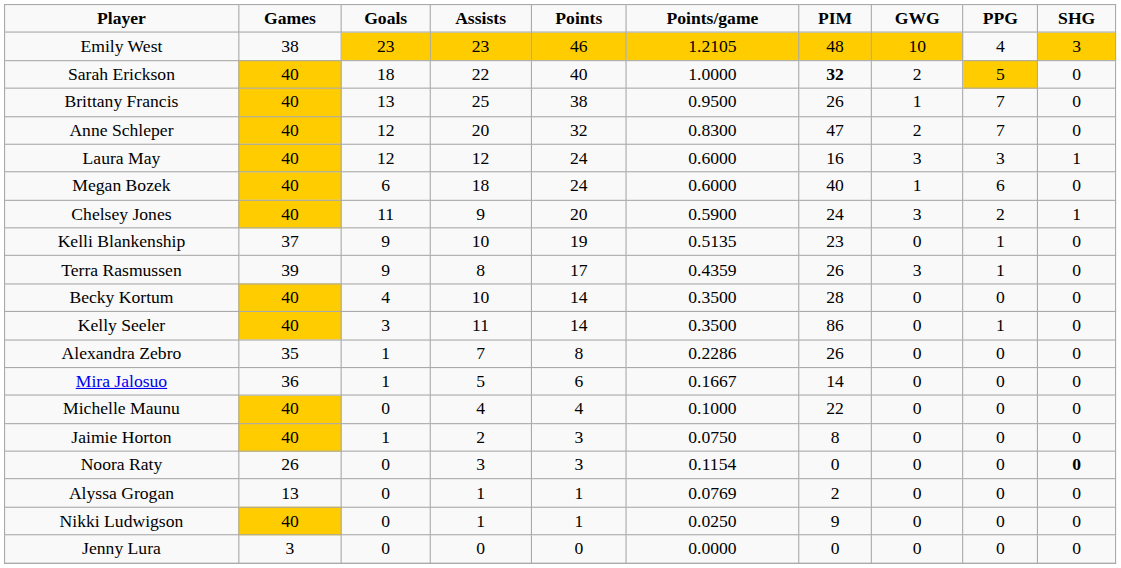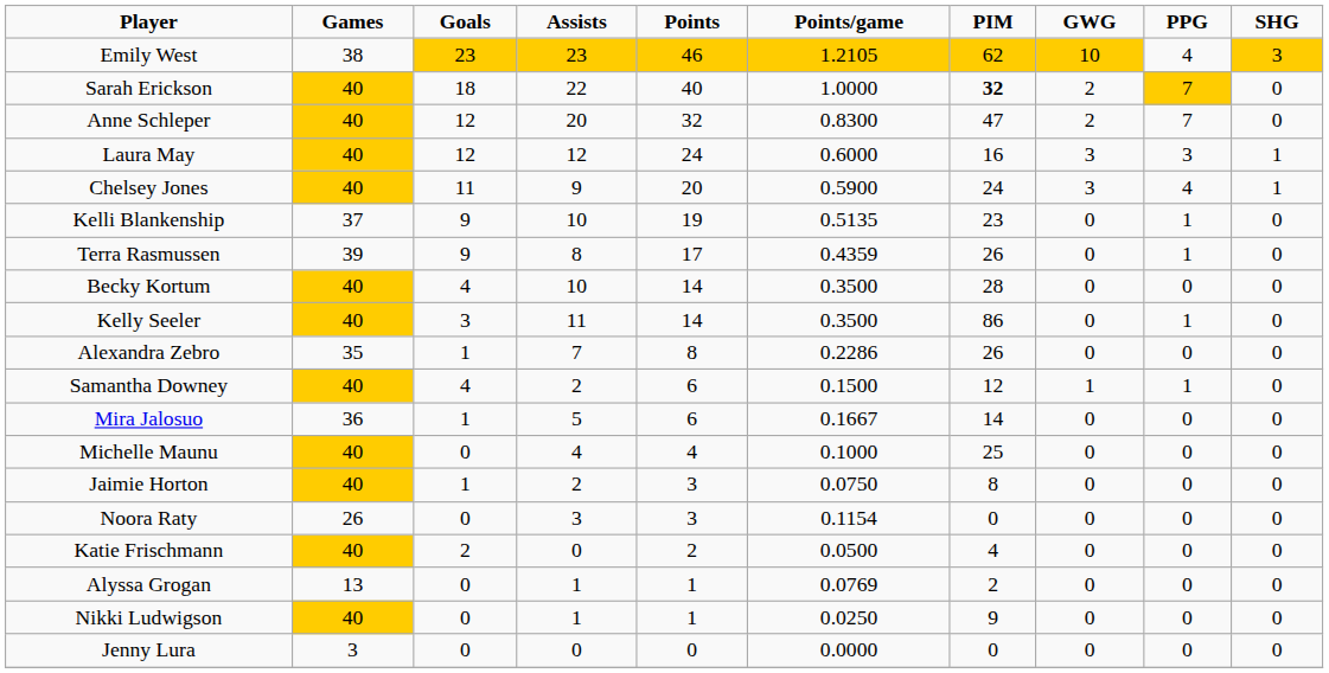 <table class="wikitable" width="80%" style="text-align:center;">
 <tr align="center">
 <td><strong>Player</strong></td>
 <td><strong>Games</strong></td>
 <td><strong>Goals</strong></td>
 <td><strong>Assists</strong></td>
 <td><strong>Points</strong></td>
 <td><strong>Points/game</strong></td>
 <td><strong>PIM</strong></td>
 <td><strong>GWG</strong></td>
 <td><strong>PPG</strong></td>
 <td><strong>SHG</strong></td>
 </tr>
 <tr align="center" bgcolor="">
 <td>Emily West</td>
 <td>38</td>
 <td bgcolor="#FFCC00">23</td>
 <td bgcolor="#FFCC00">23</td>
 <td bgcolor="#FFCC00">46</td>
 <td bgcolor="#FFCC00">1.2105</td>
-<td bgcolor="#FFCC00">48</td>
+<td bgcolor="#FFCC00">62</td>
 <td bgcolor="#FFCC00">10</td>
 <td>4</td>
 <td bgcolor="#FFCC00">3</td>
 </tr>
 <tr align="center" bgcolor="">
 <td>Sarah Erickson</td>
 <td bgcolor="#FFCC00">40</td>
 <td>18</td>
 <td>22</td>
 <td>40</td>
 <td>1.0000</td>
 <td><strong>32</strong></td>
 <td>2</td>
-<td bgcolor="#FFCC00">5</td>
-<td>0</td>
-</tr>
-<tr align="center" bgcolor="">
-<td>Brittany Francis</td>
-<td bgcolor="#FFCC00">40</td>
-<td>13</td>
-<td>25</td>
-<td>38</td>
-<td>0.9500</td>
-<td>26</td>
-<td>1</td>
-<td>7</td>
+<td bgcolor="#FFCC00">7</td>
 <td>0</td>
 </tr>
 <tr align="center" bgcolor="">
 <td>Anne Schleper</td>
 <td bgcolor="#FFCC00">40</td>
 <td>12</td>
 <td>20</td>
 <td>32</td>
 <td>0.8300</td>
 <td>47</td>
 <td>2</td>
 <td>7</td>
 <td>0</td>
 </tr>
 <tr align="center" bgcolor="">
 <td>Laura May</td>
 <td bgcolor="#FFCC00">40</td>
 <td>12</td>
 <td>12</td>
 <td>24</td>
 <td>0.6000</td>
 <td>16</td>
 <td>3</td>
 <td>3</td>
 <td>1</td>
 </tr>
 <tr align="center" bgcolor="">
-<td>Megan Bozek</td>
-<td bgcolor="#FFCC00">40</td>
-<td>6</td>
-<td>18</td>
-<td>24</td>
-<td>0.6000</td>
-<td>40</td>
-<td>1</td>
-<td>6</td>
-<td>0</td>
-</tr>
-<tr align="center" bgcolor="">
 <td>Chelsey Jones</td>
 <td bgcolor="#FFCC00">40</td>
 <td>11</td>
 <td>9</td>
 <td>20</td>
 <td>0.5900</td>
 <td>24</td>
 <td>3</td>
-<td>2</td>
+<td>4</td>
 <td>1</td>
 </tr>
 <tr align="center" bgcolor="">
 <td>Kelli Blankenship</td>
 <td>37</td>
 <td>9</td>
 <td>10</td>
 <td>19</td>
 <td>0.5135</td>
 <td>23</td>
 <td>0</td>
 <td>1</td>
 <td>0</td>
 </tr>
 <tr align="center" bgcolor="">
 <td>Terra Rasmussen</td>
 <td>39</td>
 <td>9</td>
 <td>8</td>
 <td>17</td>
 <td>0.4359</td>
 <td>26</td>
-<td>3</td>
+<td>0</td>
 <td>1</td>
 <td>0</td>
 </tr>
 <tr align="center" bgcolor="">
 <td>Becky Kortum</td>
 <td bgcolor="#FFCC00">40</td>
 <td>4</td>
 <td>10</td>
 <td>14</td>
 <td>0.3500</td>
 <td>28</td>
 <td>0</td>
 <td>0</td>
 <td>0</td>
 </tr>
 <tr align="center" bgcolor="">
 <td>Kelly Seeler</td>
 <td bgcolor="#FFCC00">40</td>
 <td>3</td>
 <td>11</td>
 <td>14</td>
 <td>0.3500</td>
 <td>86</td>
 <td>0</td>
 <td>1</td>
 <td>0</td>
 </tr>
 <tr align="center" bgcolor="">
 <td>Alexandra Zebro</td>
 <td>35</td>
 <td>1</td>
 <td>7</td>
 <td>8</td>
 <td>0.2286</td>
 <td>26</td>
 <td>0</td>
 <td>0</td>
 <td>0</td>
 </tr>
 <tr align="center" bgcolor="">
+<td>Samantha Downey</td>
+<td bgcolor="#FFCC00">40</td>
+<td>4</td>
+<td>2</td>
+<td>6</td>
+<td>0.1500</td>
+<td>12</td>
+<td>1</td>
+<td>1</td>
+<td>0</td>
+</tr>
+<tr align="center" bgcolor="">
 <td><a href='#'>Mira Jalosuo</a></td>
 <td>36</td>
 <td>1</td>
 <td>5</td>
 <td>6</td>
 <td>0.1667</td>
 <td>14</td>
 <td>0</td>
 <td>0</td>
 <td>0</td>
 </tr>
 <tr align="center" bgcolor="">
 <td>Michelle Maunu</td>
 <td bgcolor="#FFCC00">40</td>
 <td>0</td>
 <td>4</td>
 <td>4</td>
 <td>0.1000</td>
-<td>22</td>
+<td>25</td>
 <td>0</td>
 <td>0</td>
 <td>0</td>
 </tr>
 <tr align="center" bgcolor="">
 <td>Jaimie Horton</td>
 <td bgcolor="#FFCC00">40</td>
 <td>1</td>
 <td>2</td>
 <td>3</td>
 <td>0.0750</td>
 <td>8</td>
 <td>0</td>
 <td>0</td>
 <td>0</td>
 </tr>
 <tr align="center" bgcolor="">
 <td>Noora Raty</td>
 <td>26</td>
 <td>0</td>
 <td>3</td>
 <td>3</td>
 <td>0.1154</td>
 <td>0</td>
 <td>0</td>
 <td>0</td>
-<td><strong>0</strong></td>
+<td>0</td>
+</tr>
+<tr align="center" bgcolor="">
+<td>Katie Frischmann</td>
+<td bgcolor="#FFCC00">40</td>
+<td>2</td>
+<td>0</td>
+<td>2</td>
+<td>0.0500</td>
+<td>4</td>
+<td>0</td>
+<td>0</td>
+<td>0</td>
 </tr>
 <tr align="center" bgcolor="">
 <td>Alyssa Grogan</td>
 <td>13</td>
 <td>0</td>
 <td>1</td>
 <td>1</td>
 <td>0.0769</td>
 <td>2</td>
 <td>0</td>
 <td>0</td>
 <td>0</td>
 </tr>
 <tr align="center" bgcolor="">
 <td>Nikki Ludwigson</td>
 <td bgcolor="#FFCC00">40</td>
 <td>0</td>
 <td>1</td>
 <td>1</td>
 <td>0.0250</td>
 <td>9</td>
 <td>0</td>
 <td>0</td>
 <td>0</td>
 </tr>
 <tr align="center" bgcolor="">
 <td>Jenny Lura</td>
 <td>3</td>
 <td>0</td>
 <td>0</td>
 <td>0</td>
 <td>0.0000</td>
 <td>0</td>
 <td>0</td>
 <td>0</td>
 <td>0</td>
 </tr>
 <tr align="center" bgcolor="">
 </tr>
 </table>
